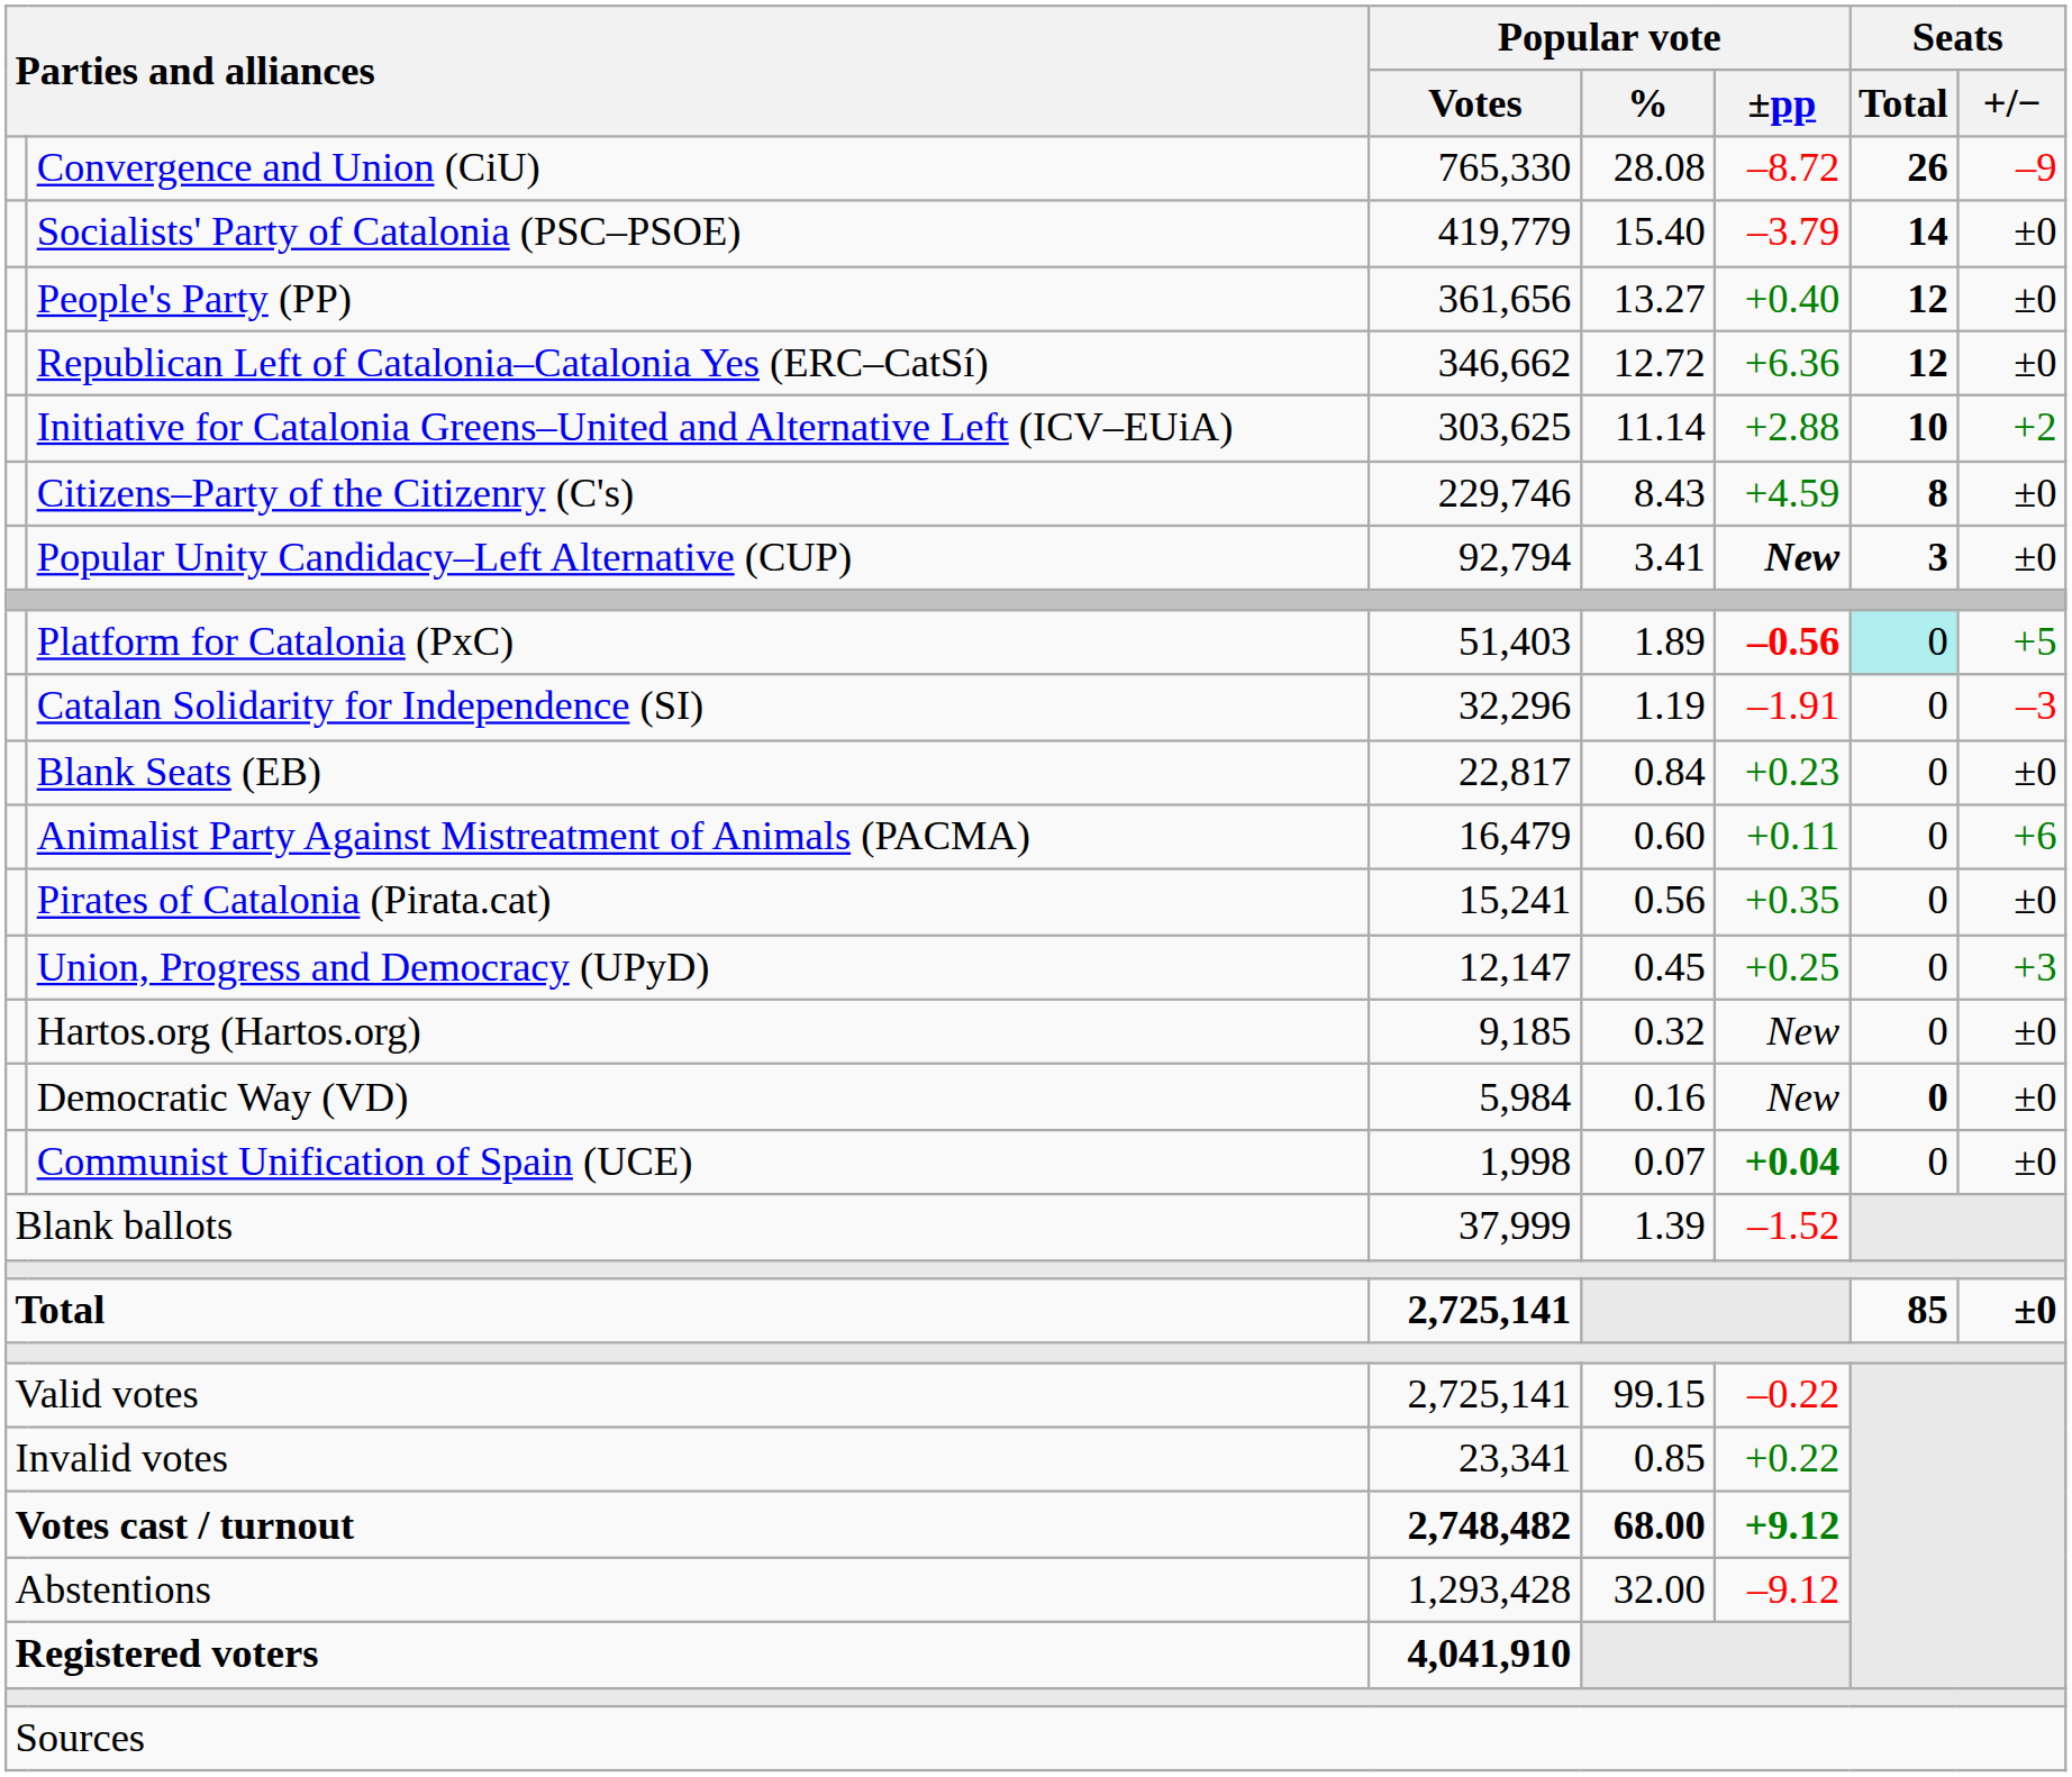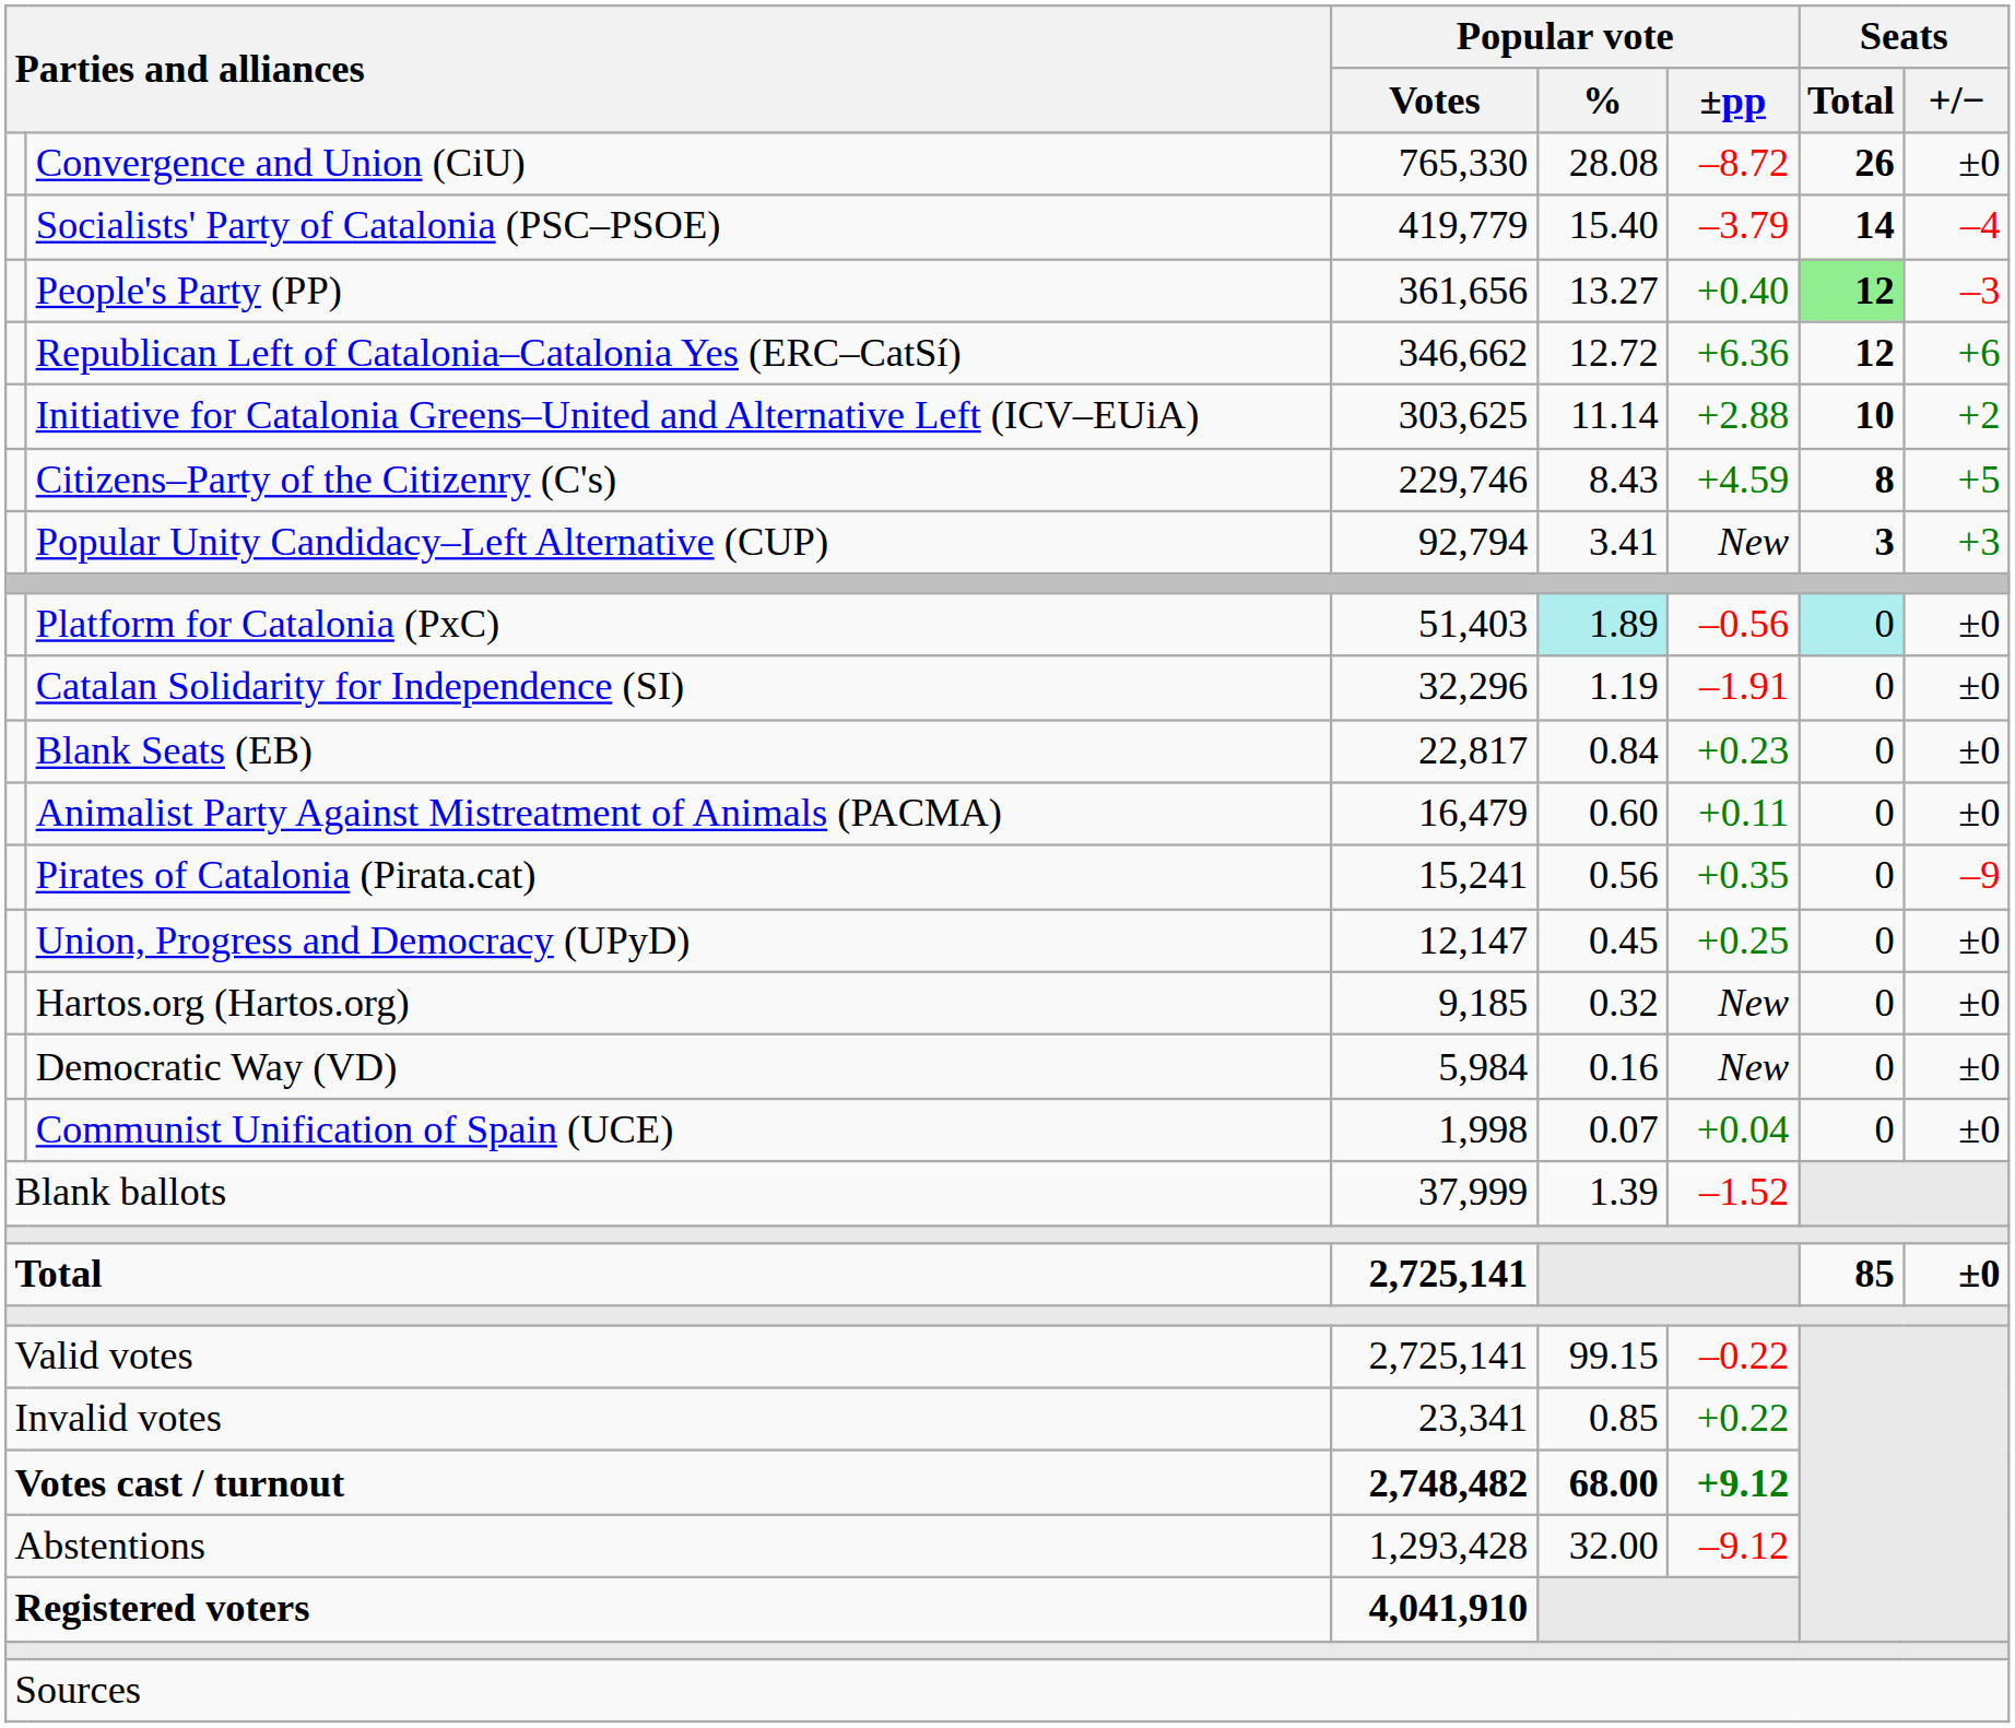 <table class="wikitable" style="text-align:right;">
 <tr>
 <th style="text-align:left;" rowspan="2" colspan="2" width="525">Parties and alliances</th>
 <th colspan="3">Popular vote</th>
 <th colspan="2">Seats</th>
 </tr>
 <tr>
 <th width="75">Votes</th>
 <th width="45">%</th>
 <th width="45">±<a href='#'>pp</a></th>
 <th width="35">Total</th>
 <th width="35">+/−</th>
 </tr>
 <tr>
 <td width="1" style="color:inherit;background:"></td>
 <td align="left"><a href='#'>Convergence and Union</a> (CiU)</td>
 <td>765,330</td>
 <td>28.08</td>
 <td style="color:red;">–8.72</td>
 <td><strong>26</strong></td>
-<td style="color:red;">–9</td>
+<td>±0</td>
 </tr>
 <tr>
 <td style="color:inherit;background:"></td>
 <td align="left"><a href='#'>Socialists' Party of Catalonia</a> (PSC–PSOE)</td>
 <td>419,779</td>
 <td>15.40</td>
 <td style="color:red;">–3.79</td>
 <td><strong>14</strong></td>
-<td>±0</td>
+<td style="color:red;">–4</td>
 </tr>
 <tr>
 <td style="color:inherit;background:"></td>
 <td align="left"><a href='#'>People's Party</a> (PP)</td>
 <td>361,656</td>
 <td>13.27</td>
 <td style="color:green;">+0.40</td>
-<td><strong>12</strong></td>
-<td>±0</td>
+<td style="background: lightgreen;"><strong>12</strong></td>
+<td style="color:red;">–3</td>
 </tr>
 <tr>
 <td style="color:inherit;background:"></td>
 <td align="left"><a href='#'>Republican Left of Catalonia–Catalonia Yes</a> (ERC–CatSí)</td>
 <td>346,662</td>
 <td>12.72</td>
 <td style="color:green;">+6.36</td>
 <td><strong>12</strong></td>
-<td>±0</td>
+<td style="color:green;">+6</td>
 </tr>
 <tr>
 <td style="color:inherit;background:"></td>
 <td align="left"><a href='#'>Initiative for Catalonia Greens–United and Alternative Left</a> (ICV–EUiA)</td>
 <td>303,625</td>
 <td>11.14</td>
 <td style="color:green;">+2.88</td>
 <td><strong>10</strong></td>
 <td style="color:green;">+2</td>
 </tr>
 <tr>
 <td style="color:inherit;background:"></td>
 <td align="left"><a href='#'>Citizens–Party of the Citizenry</a> (C's)</td>
 <td>229,746</td>
 <td>8.43</td>
 <td style="color:green;">+4.59</td>
 <td><strong>8</strong></td>
-<td>±0</td>
+<td style="color:green;">+5</td>
 </tr>
 <tr>
 <td style="color:inherit;background:"></td>
 <td align="left"><a href='#'>Popular Unity Candidacy–Left Alternative</a> (CUP)</td>
 <td>92,794</td>
 <td>3.41</td>
-<td><strong><em>New</em></strong></td>
+<td><em>New</em></td>
 <td><strong>3</strong></td>
-<td>±0</td>
+<td style="color:green;">+3</td>
 </tr>
 <tr>
 <td colspan="7" bgcolor="#C0C0C0"></td>
 </tr>
 <tr>
 <td style="color:inherit;background:"></td>
 <td align="left"><a href='#'>Platform for Catalonia</a> (PxC)</td>
 <td>51,403</td>
-<td>1.89</td>
-<td style="color:red;"><strong>–0.56</strong></td>
+<td style="background: paleturquoise;">1.89</td>
+<td style="color:red;">–0.56</td>
 <td style="background: paleturquoise;">0</td>
-<td style="color:green;">+5</td>
+<td>±0</td>
 </tr>
 <tr>
 <td style="color:inherit;background:"></td>
 <td align="left"><a href='#'>Catalan Solidarity for Independence</a> (SI)</td>
 <td>32,296</td>
 <td>1.19</td>
 <td style="color:red;">–1.91</td>
 <td>0</td>
-<td style="color:red;">–3</td>
+<td>±0</td>
 </tr>
 <tr>
 <td style="color:inherit;background:"></td>
 <td align="left"><a href='#'>Blank Seats</a> (EB)</td>
 <td>22,817</td>
 <td>0.84</td>
 <td style="color:green;">+0.23</td>
 <td>0</td>
 <td>±0</td>
 </tr>
 <tr>
 <td style="color:inherit;background:"></td>
 <td align="left"><a href='#'>Animalist Party Against Mistreatment of Animals</a> (PACMA)</td>
 <td>16,479</td>
 <td>0.60</td>
 <td style="color:green;">+0.11</td>
 <td>0</td>
-<td style="color:green;">+6</td>
+<td>±0</td>
 </tr>
 <tr>
 <td style="color:inherit;background:"></td>
 <td align="left"><a href='#'>Pirates of Catalonia</a> (Pirata.cat)</td>
 <td>15,241</td>
 <td>0.56</td>
 <td style="color:green;">+0.35</td>
 <td>0</td>
-<td>±0</td>
+<td style="color:red;">–9</td>
 </tr>
 <tr>
 <td style="color:inherit;background:"></td>
 <td align="left"><a href='#'>Union, Progress and Democracy</a> (UPyD)</td>
 <td>12,147</td>
 <td>0.45</td>
 <td style="color:green;">+0.25</td>
 <td>0</td>
-<td style="color:green;">+3</td>
+<td>±0</td>
 </tr>
 <tr>
 <td style="color:inherit;background:"></td>
 <td align="left">Hartos.org (Hartos.org)</td>
 <td>9,185</td>
 <td>0.32</td>
 <td><em>New</em></td>
 <td>0</td>
 <td>±0</td>
 </tr>
 <tr>
 <td style="color:inherit;background:"></td>
 <td align="left">Democratic Way (VD)</td>
 <td>5,984</td>
 <td>0.16</td>
 <td><em>New</em></td>
-<td><strong>0</strong></td>
+<td>0</td>
 <td>±0</td>
 </tr>
 <tr>
 <td style="color:inherit;background:"></td>
 <td align="left"><a href='#'>Communist Unification of Spain</a> (UCE)</td>
 <td>1,998</td>
 <td>0.07</td>
-<td style="color:green;"><strong>+0.04</strong></td>
+<td style="color:green;">+0.04</td>
 <td>0</td>
 <td>±0</td>
 </tr>
 <tr>
 <td align="left" colspan="2">Blank ballots</td>
 <td>37,999</td>
 <td>1.39</td>
 <td style="color:red;">–1.52</td>
 <td bgcolor="#E9E9E9" colspan="2"></td>
 </tr>
 <tr>
 <td colspan="7" bgcolor="#E9E9E9"></td>
 </tr>
 <tr style="font-weight:bold;">
 <td align="left" colspan="2">Total</td>
 <td>2,725,141</td>
 <td bgcolor="#E9E9E9" colspan="2"></td>
 <td>85</td>
 <td>±0</td>
 </tr>
 <tr>
 <td colspan="7" bgcolor="#E9E9E9"></td>
 </tr>
 <tr>
 <td align="left" colspan="2">Valid votes</td>
 <td>2,725,141</td>
 <td>99.15</td>
 <td style="color:red;">–0.22</td>
 <td bgcolor="#E9E9E9" colspan="2" rowspan="5"></td>
 </tr>
 <tr>
 <td align="left" colspan="2">Invalid votes</td>
 <td>23,341</td>
 <td>0.85</td>
 <td style="color:green;">+0.22</td>
 </tr>
 <tr style="font-weight:bold;">
 <td align="left" colspan="2">Votes cast / turnout</td>
 <td>2,748,482</td>
 <td>68.00</td>
 <td style="color:green;">+9.12</td>
 </tr>
 <tr>
 <td align="left" colspan="2">Abstentions</td>
 <td>1,293,428</td>
 <td>32.00</td>
 <td style="color:red;">–9.12</td>
 </tr>
 <tr style="font-weight:bold;">
 <td align="left" colspan="2">Registered voters</td>
 <td>4,041,910</td>
 <td bgcolor="#E9E9E9" colspan="2"></td>
 </tr>
 <tr>
 <td colspan="7" bgcolor="#E9E9E9"></td>
 </tr>
 <tr>
 <td align="left" colspan="7">Sources</td>
 </tr>
 </table>
